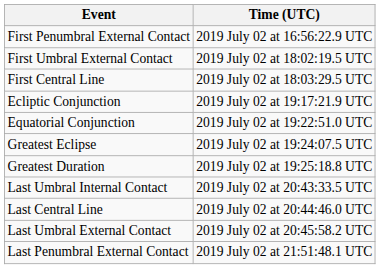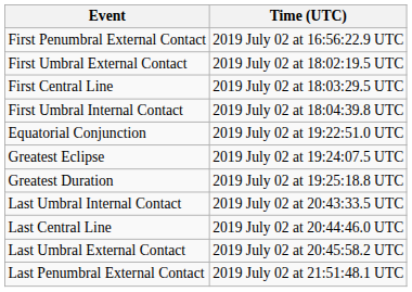 <table class="wikitable">
 <tr>
 <th>Event</th>
 <th>Time (UTC)</th>
 </tr>
 <tr>
 <td>First Penumbral External Contact</td>
 <td>2019 July 02 at 16:56:22.9 UTC</td>
 </tr>
 <tr>
 <td>First Umbral External Contact</td>
 <td>2019 July 02 at 18:02:19.5 UTC</td>
 </tr>
 <tr>
 <td>First Central Line</td>
 <td>2019 July 02 at 18:03:29.5 UTC</td>
 </tr>
 <tr>
-<td>Ecliptic Conjunction</td>
-<td>2019 July 02 at 19:17:21.9 UTC</td>
+<td>First Umbral Internal Contact</td>
+<td>2019 July 02 at 18:04:39.8 UTC</td>
 </tr>
 <tr>
 <td>Equatorial Conjunction</td>
 <td>2019 July 02 at 19:22:51.0 UTC</td>
 </tr>
 <tr>
 <td>Greatest Eclipse</td>
 <td>2019 July 02 at 19:24:07.5 UTC</td>
 </tr>
 <tr>
 <td>Greatest Duration</td>
 <td>2019 July 02 at 19:25:18.8 UTC</td>
 </tr>
 <tr>
 <td>Last Umbral Internal Contact</td>
 <td>2019 July 02 at 20:43:33.5 UTC</td>
 </tr>
 <tr>
 <td>Last Central Line</td>
 <td>2019 July 02 at 20:44:46.0 UTC</td>
 </tr>
 <tr>
 <td>Last Umbral External Contact</td>
 <td>2019 July 02 at 20:45:58.2 UTC</td>
 </tr>
 <tr>
 <td>Last Penumbral External Contact</td>
 <td>2019 July 02 at 21:51:48.1 UTC</td>
 </tr>
 </table>
